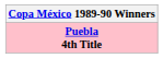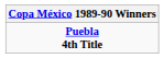 <table class="wikitable" style="text-align: center; margin: 0 auto;">
 <tr>
 <th><a href='#'>Copa México</a> 1989-90 Winners</th>
 </tr>
 <tr>
-<td style="background: pink;"><strong><a href='#'>Puebla</a></strong><br><strong>4th Title</strong></td>
+<td><strong><a href='#'>Puebla</a></strong><br><strong>4th Title</strong></td>
 </tr>
 </table>
